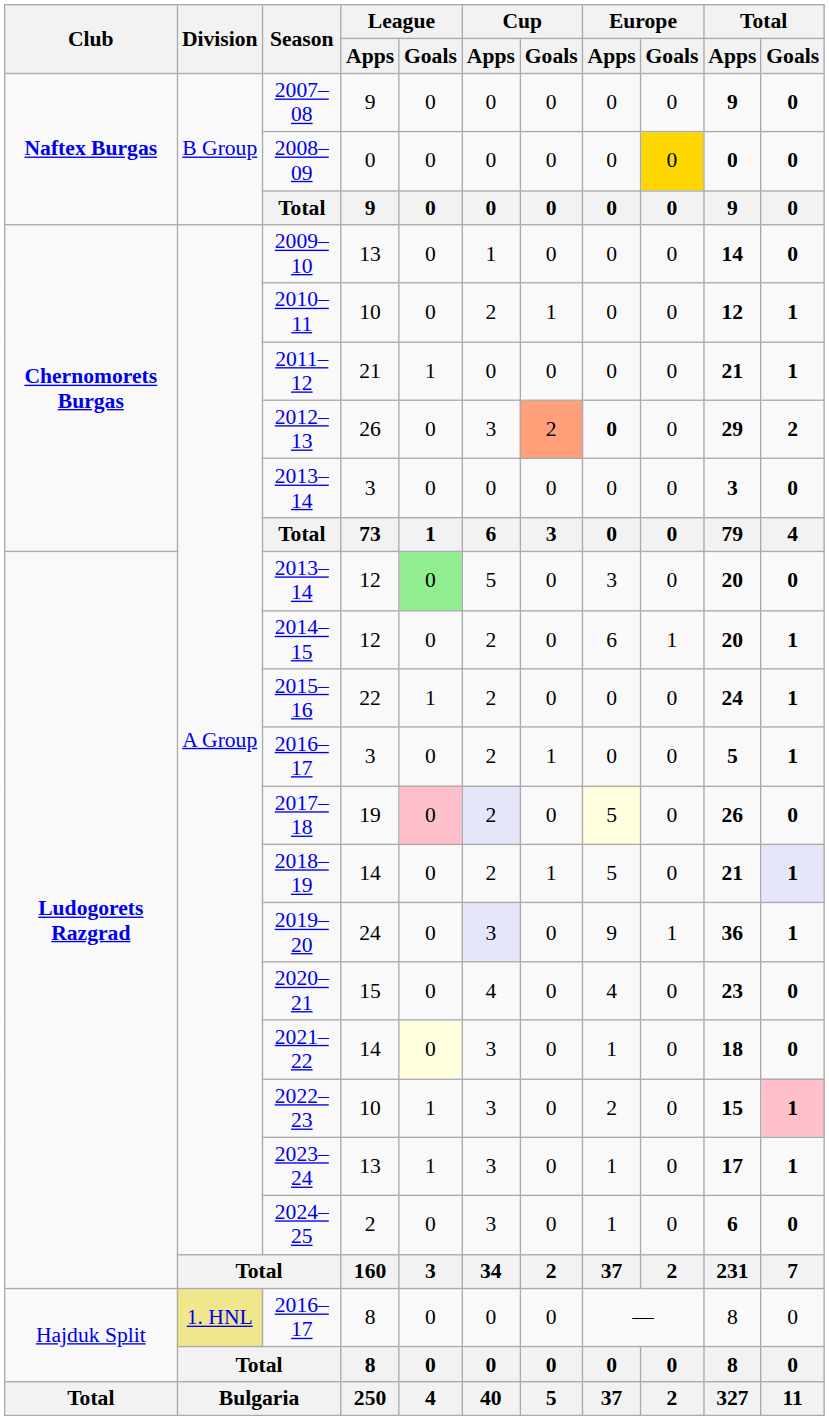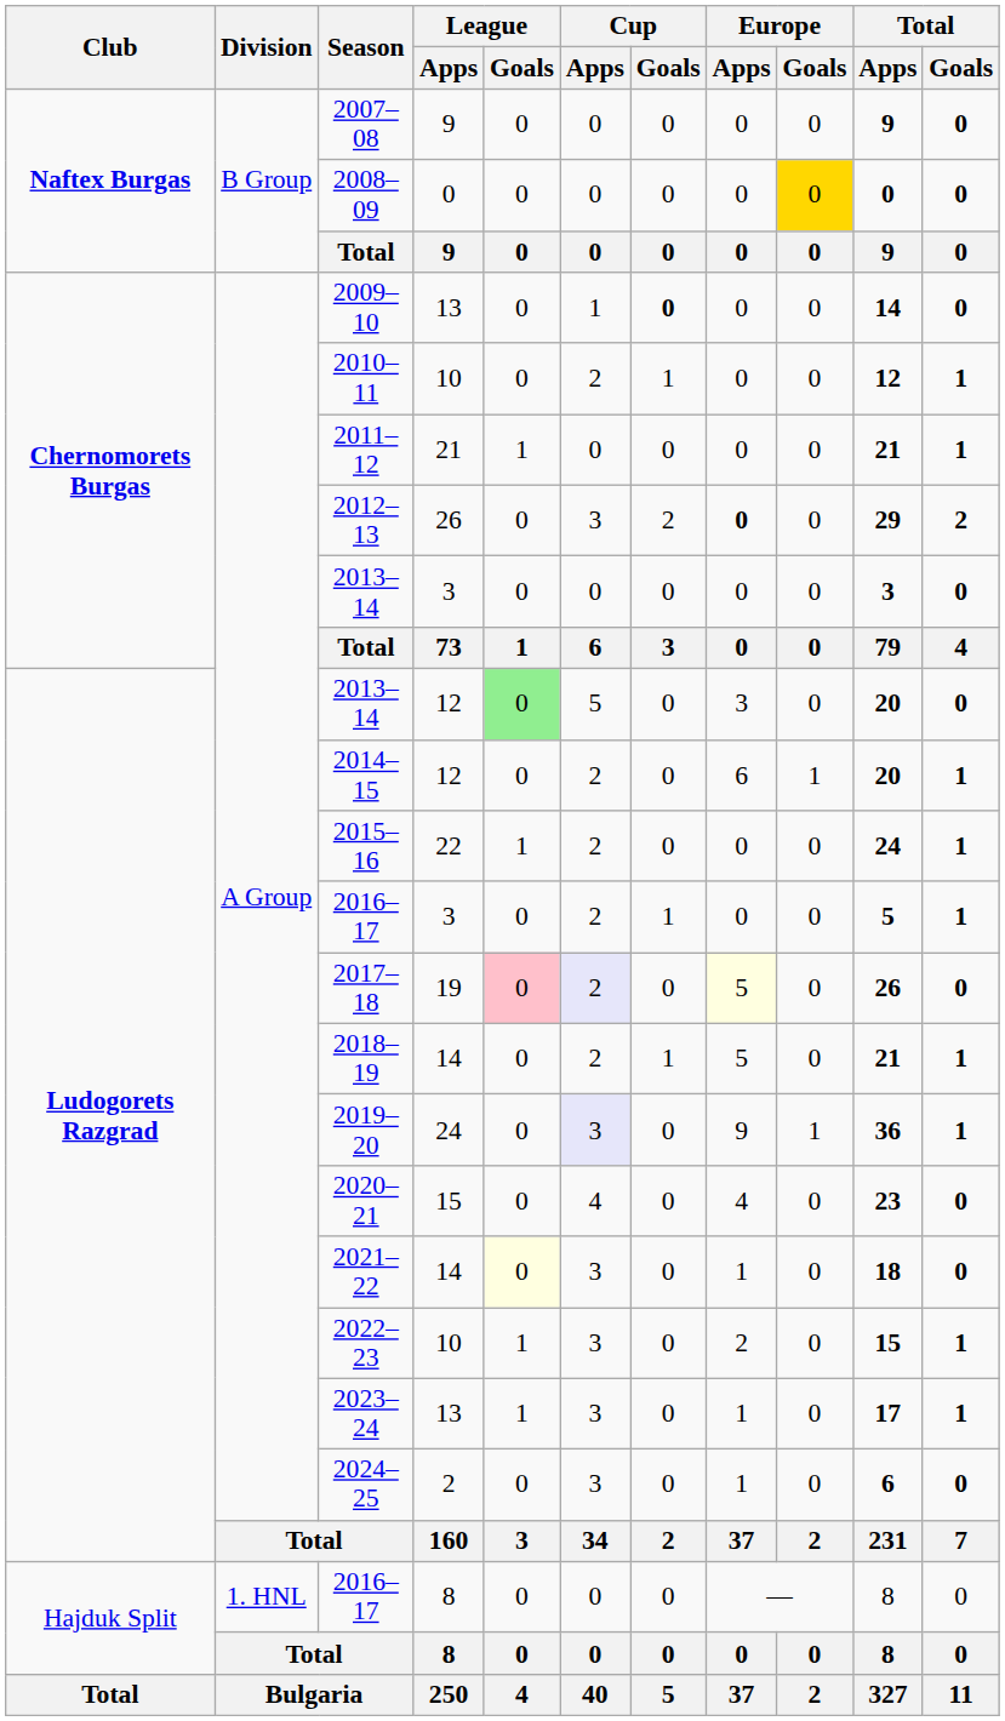 <table class="wikitable" style="font-size:100%; text-align: center;">
 <tr>
 <th rowspan="2">Club</th>
 <th rowspan="2">Division</th>
 <th rowspan="2">Season</th>
 <th colspan="2">League</th>
 <th colspan="2">Cup</th>
 <th colspan="2">Europe</th>
 <th colspan="2">Total</th>
 </tr>
 <tr>
 <th>Apps</th>
 <th>Goals</th>
 <th>Apps</th>
 <th>Goals</th>
 <th>Apps</th>
 <th>Goals</th>
 <th>Apps</th>
 <th>Goals</th>
 </tr>
 <tr>
 <td rowspan="3" valign="center"><strong><a href='#'>Naftex Burgas</a></strong></td>
 <td rowspan="3"><a href='#'>B Group</a></td>
 <td><a href='#'>2007–08</a></td>
 <td>9</td>
 <td>0</td>
 <td>0</td>
 <td>0</td>
 <td>0</td>
 <td>0</td>
 <td><strong>9</strong></td>
 <td><strong>0</strong></td>
 </tr>
 <tr>
 <td><a href='#'>2008–09</a></td>
 <td>0</td>
 <td>0</td>
 <td>0</td>
 <td>0</td>
 <td>0</td>
 <td style="background: gold;">0</td>
 <td><strong>0</strong></td>
 <td><strong>0</strong></td>
 </tr>
 <tr>
 <th Colspan="1">Total</th>
 <th>9</th>
 <th>0</th>
 <th>0</th>
 <th>0</th>
 <th>0</th>
 <th>0</th>
 <th>9</th>
 <th>0</th>
 </tr>
 <tr>
 <td rowspan="6" valign="center"><strong><a href='#'>Chernomorets Burgas</a></strong></td>
 <td rowspan="18"><a href='#'>A Group</a></td>
 <td><a href='#'>2009–10</a></td>
 <td>13</td>
 <td>0</td>
 <td>1</td>
-<td>0</td>
+<td><strong>0</strong></td>
 <td>0</td>
 <td>0</td>
 <td><strong>14</strong></td>
 <td><strong>0</strong></td>
 </tr>
 <tr>
 <td><a href='#'>2010–11</a></td>
 <td>10</td>
 <td>0</td>
 <td>2</td>
 <td>1</td>
 <td>0</td>
 <td>0</td>
 <td><strong>12</strong></td>
 <td><strong>1</strong></td>
 </tr>
 <tr>
 <td><a href='#'>2011–12</a></td>
 <td>21</td>
 <td>1</td>
 <td>0</td>
 <td>0</td>
 <td>0</td>
 <td>0</td>
 <td><strong>21</strong></td>
 <td><strong>1</strong></td>
 </tr>
 <tr>
 <td><a href='#'>2012–13</a></td>
 <td>26</td>
 <td>0</td>
 <td>3</td>
-<td style="background: lightsalmon;">2</td>
+<td>2</td>
 <td><strong>0</strong></td>
 <td>0</td>
 <td><strong>29</strong></td>
 <td><strong>2</strong></td>
 </tr>
 <tr>
 <td><a href='#'>2013–14</a></td>
 <td>3</td>
 <td>0</td>
 <td>0</td>
 <td>0</td>
 <td>0</td>
 <td>0</td>
 <td><strong>3</strong></td>
 <td><strong>0</strong></td>
 </tr>
 <tr>
 <th Colspan="1">Total</th>
 <th>73</th>
 <th>1</th>
 <th>6</th>
 <th>3</th>
 <th>0</th>
 <th>0</th>
 <th>79</th>
 <th>4</th>
 </tr>
 <tr>
 <td rowspan="13" valign="center"><strong><a href='#'>Ludogorets Razgrad</a></strong></td>
 <td><a href='#'>2013–14</a></td>
 <td>12</td>
 <td style="background: lightgreen;">0</td>
 <td>5</td>
 <td>0</td>
 <td>3</td>
 <td>0</td>
 <td><strong>20</strong></td>
 <td><strong>0</strong></td>
 </tr>
 <tr>
 <td><a href='#'>2014–15</a></td>
 <td>12</td>
 <td>0</td>
 <td>2</td>
 <td>0</td>
 <td>6</td>
 <td>1</td>
 <td><strong>20</strong></td>
 <td><strong>1</strong></td>
 </tr>
 <tr>
 <td><a href='#'>2015–16</a></td>
 <td>22</td>
 <td>1</td>
 <td>2</td>
 <td>0</td>
 <td>0</td>
 <td>0</td>
 <td><strong>24</strong></td>
 <td><strong>1</strong></td>
 </tr>
 <tr>
 <td><a href='#'>2016–17</a></td>
 <td>3</td>
 <td>0</td>
 <td>2</td>
 <td>1</td>
 <td>0</td>
 <td>0</td>
 <td><strong>5</strong></td>
 <td><strong>1</strong></td>
 </tr>
 <tr>
 <td><a href='#'>2017–18</a></td>
 <td>19</td>
 <td style="background: pink;">0</td>
 <td style="background: lavender;">2</td>
 <td>0</td>
 <td style="background: lightyellow;">5</td>
 <td>0</td>
 <td><strong>26</strong></td>
 <td><strong>0</strong></td>
 </tr>
 <tr>
 <td><a href='#'>2018–19</a></td>
 <td>14</td>
 <td>0</td>
 <td>2</td>
 <td>1</td>
 <td>5</td>
 <td>0</td>
 <td><strong>21</strong></td>
-<td style="background: lavender;"><strong>1</strong></td>
+<td><strong>1</strong></td>
 </tr>
 <tr>
 <td><a href='#'>2019–20</a></td>
 <td>24</td>
 <td>0</td>
 <td style="background: lavender;">3</td>
 <td>0</td>
 <td>9</td>
 <td>1</td>
 <td><strong>36</strong></td>
 <td><strong>1</strong></td>
 </tr>
 <tr>
 <td><a href='#'>2020–21</a></td>
 <td>15</td>
 <td>0</td>
 <td>4</td>
 <td>0</td>
 <td>4</td>
 <td>0</td>
 <td><strong>23</strong></td>
 <td><strong>0</strong></td>
 </tr>
 <tr>
 <td><a href='#'>2021–22</a></td>
 <td>14</td>
 <td style="background: lightyellow;">0</td>
 <td>3</td>
 <td>0</td>
 <td>1</td>
 <td>0</td>
 <td><strong>18</strong></td>
 <td><strong>0</strong></td>
 </tr>
 <tr>
 <td><a href='#'>2022–23</a></td>
 <td>10</td>
 <td>1</td>
 <td>3</td>
 <td>0</td>
 <td>2</td>
 <td>0</td>
 <td><strong>15</strong></td>
-<td style="background: pink;"><strong>1</strong></td>
+<td><strong>1</strong></td>
 </tr>
 <tr>
 <td><a href='#'>2023–24</a></td>
 <td>13</td>
 <td>1</td>
 <td>3</td>
 <td>0</td>
 <td>1</td>
 <td>0</td>
 <td><strong>17</strong></td>
 <td><strong>1</strong></td>
 </tr>
 <tr>
 <td><a href='#'>2024–25</a></td>
 <td>2</td>
 <td>0</td>
 <td>3</td>
 <td>0</td>
 <td>1</td>
 <td>0</td>
 <td><strong>6</strong></td>
 <td><strong>0</strong></td>
 </tr>
 <tr>
 <th Colspan="2">Total</th>
 <th>160</th>
 <th>3</th>
 <th>34</th>
 <th>2</th>
 <th>37</th>
 <th>2</th>
 <th>231</th>
 <th>7</th>
 </tr>
 <tr>
 <td rowspan="2" valign="center"><a href='#'>Hajduk Split</a></td>
-<td style="background: khaki;"><a href='#'>1. HNL</a></td>
+<td><a href='#'>1. HNL</a></td>
 <td><a href='#'>2016–17</a></td>
 <td>8</td>
 <td>0</td>
 <td>0</td>
 <td>0</td>
 <td colspan="2">—</td>
 <td>8</td>
 <td>0</td>
 </tr>
 <tr>
 <th colspan="2">Total</th>
 <th>8</th>
 <th>0</th>
 <th>0</th>
 <th>0</th>
 <th>0</th>
 <th>0</th>
 <th>8</th>
 <th>0</th>
 </tr>
 <tr>
 <th rowspan=1>Total</th>
 <th colspan=2>Bulgaria</th>
 <th>250</th>
 <th>4</th>
 <th>40</th>
 <th>5</th>
 <th>37</th>
 <th>2</th>
 <th>327</th>
 <th>11</th>
 </tr>
 </table>
